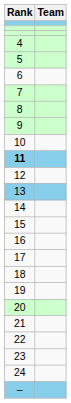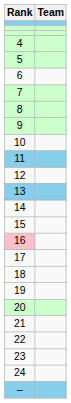 <table class="wikitable"style="text-align:center;">
 <tr>
 <th style="width:40px;">Rank</th>
 <th>Team</th>
 </tr>
 <tr bgcolor=#87ceeb>
 <td></td>
 <td style="text-align:left;"></td>
 </tr>
 <tr bgcolor=#ccffcc>
 <td></td>
 <td style="text-align:left;"></td>
 </tr>
 <tr bgcolor=#ccffcc>
 <td></td>
 <td style="text-align:left;"></td>
 </tr>
 <tr bgcolor=#ccffcc>
 <td>4</td>
 <td style="text-align:left;"></td>
 </tr>
 <tr bgcolor=#ccffcc>
 <td>5</td>
 <td style="text-align:left;"></td>
 </tr>
 <tr>
 <td>6</td>
 <td style="text-align:left;"><s></s></td>
 </tr>
 <tr bgcolor=#ccffcc>
 <td>7</td>
 <td style="text-align:left;"></td>
 </tr>
 <tr bgcolor=#ccffcc>
 <td>8</td>
 <td style="text-align:left;"></td>
 </tr>
 <tr bgcolor=#ccffcc>
 <td>9</td>
 <td style="text-align:left;"></td>
 </tr>
 <tr>
 <td>10</td>
 <td style="text-align:left;"></td>
 </tr>
 <tr bgcolor=#87ceeb>
-<td><strong>11</strong></td>
+<td>11</td>
 <td style="text-align:left;"></td>
 </tr>
 <tr>
 <td>12</td>
 <td style="text-align:left;"></td>
 </tr>
 <tr bgcolor=#87ceeb>
 <td>13</td>
 <td style="text-align:left;"></td>
 </tr>
 <tr>
 <td>14</td>
 <td style="text-align:left;"><s></s></td>
 </tr>
 <tr>
 <td>15</td>
 <td style="text-align:left;"></td>
 </tr>
 <tr>
-<td>16</td>
+<td style="background: pink;">16</td>
 <td style="text-align:left;"></td>
 </tr>
 <tr>
 <td>17</td>
 <td style="text-align:left;"></td>
 </tr>
 <tr>
 <td>18</td>
 <td style="text-align:left;"></td>
 </tr>
 <tr>
 <td>19</td>
 <td style="text-align:left;"></td>
 </tr>
 <tr bgcolor=#ccffcc>
 <td>20</td>
 <td style="text-align:left;"></td>
 </tr>
 <tr>
 <td>21</td>
 <td style="text-align:left;"></td>
 </tr>
 <tr>
 <td>22</td>
 <td style="text-align:left;"></td>
 </tr>
 <tr>
 <td>23</td>
 <td style="text-align:left;"></td>
 </tr>
 <tr>
 <td>24</td>
 <td style="text-align:left;"></td>
 </tr>
 <tr bgcolor=#87ceeb>
 <td>–</td>
 <td style="text-align:left;"></td>
 </tr>
 </table>
